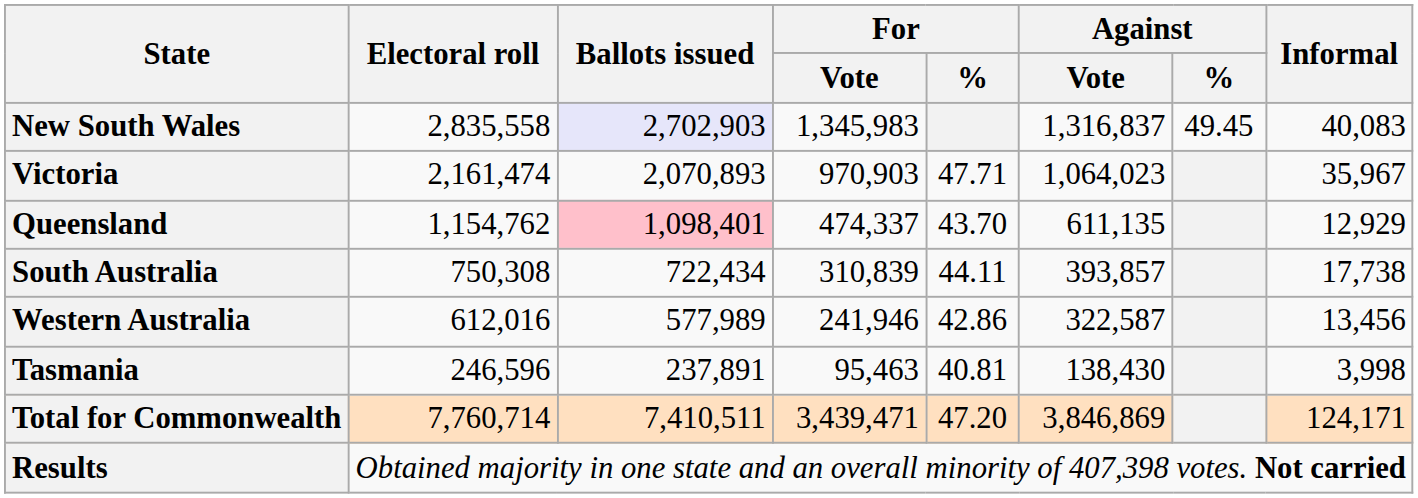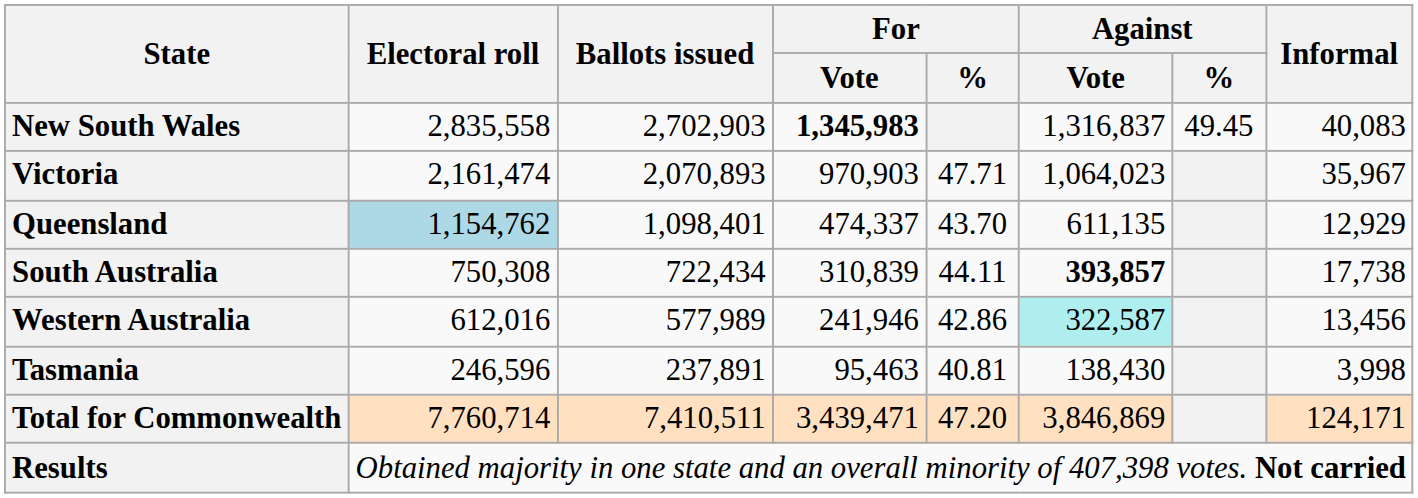 <table class="wikitable">
 <tr align=center>
 <th rowspan="2">State</th>
 <th rowspan="2">Electoral roll</th>
 <th rowspan="2">Ballots issued</th>
 <th align=center colspan="2">For</th>
 <th align=center colspan="2">Against</th>
 <th align=center rowspan="2">Informal</th>
 </tr>
 <tr>
 <th align=center>Vote</th>
 <th align=center>%</th>
 <th align=center>Vote</th>
 <th align=center>%</th>
 </tr>
 <tr align="right">
 <th style="text-align:left;">New South Wales</th>
 <td>2,835,558</td>
-<td style="background: lavender;">2,702,903</td>
-<td>1,345,983</td>
+<td>2,702,903</td>
+<td><strong>1,345,983</strong></td>
 <th></th>
 <td>1,316,837</td>
 <td align="center">49.45</td>
 <td>40,083</td>
 </tr>
 <tr align="right">
 <th style="text-align:left;">Victoria</th>
 <td>2,161,474</td>
 <td>2,070,893</td>
 <td>970,903</td>
 <td align="center">47.71</td>
 <td>1,064,023</td>
 <th></th>
 <td>35,967</td>
 </tr>
 <tr align="right">
 <th style="text-align:left;">Queensland</th>
-<td>1,154,762</td>
-<td style="background: pink;">1,098,401</td>
+<td style="background: lightblue;">1,154,762</td>
+<td>1,098,401</td>
 <td>474,337</td>
 <td align="center">43.70</td>
 <td>611,135</td>
 <th></th>
 <td>12,929</td>
 </tr>
 <tr align="right">
 <th style="text-align:left;">South Australia</th>
 <td>750,308</td>
 <td>722,434</td>
 <td>310,839</td>
 <td align="center">44.11</td>
-<td>393,857</td>
+<td><strong>393,857</strong></td>
 <th></th>
 <td>17,738</td>
 </tr>
 <tr align="right">
 <th style="text-align:left;">Western Australia</th>
 <td>612,016</td>
 <td>577,989</td>
 <td>241,946</td>
 <td align="center">42.86</td>
-<td>322,587</td>
+<td style="background: paleturquoise;">322,587</td>
 <th></th>
 <td>13,456</td>
 </tr>
 <tr align="right">
 <th style="text-align:left;">Tasmania</th>
 <td>246,596</td>
 <td>237,891</td>
 <td>95,463</td>
 <td align="center">40.81</td>
 <td>138,430</td>
 <th></th>
 <td>3,998</td>
 </tr>
 <tr bgcolor="#FFE0C0" align="right">
 <th style="text-align:left">Total for Commonwealth</th>
 <td>7,760,714</td>
 <td>7,410,511</td>
 <td>3,439,471</td>
 <td align="center">47.20</td>
 <td>3,846,869</td>
 <th></th>
 <td>124,171</td>
 </tr>
 <tr>
 <th style="text-align:left;">Results</th>
 <td colSpan="8"><em>Obtained majority in one state and an overall minority of 407,398 votes.</em> <strong>Not carried</strong></td>
 </tr>
 </table>
